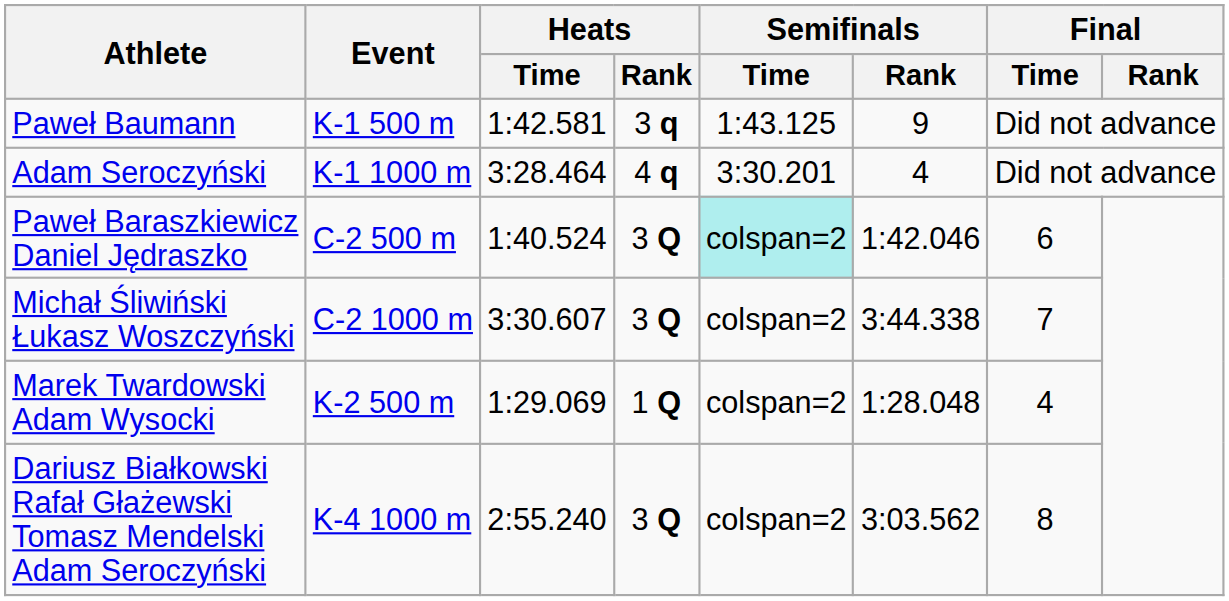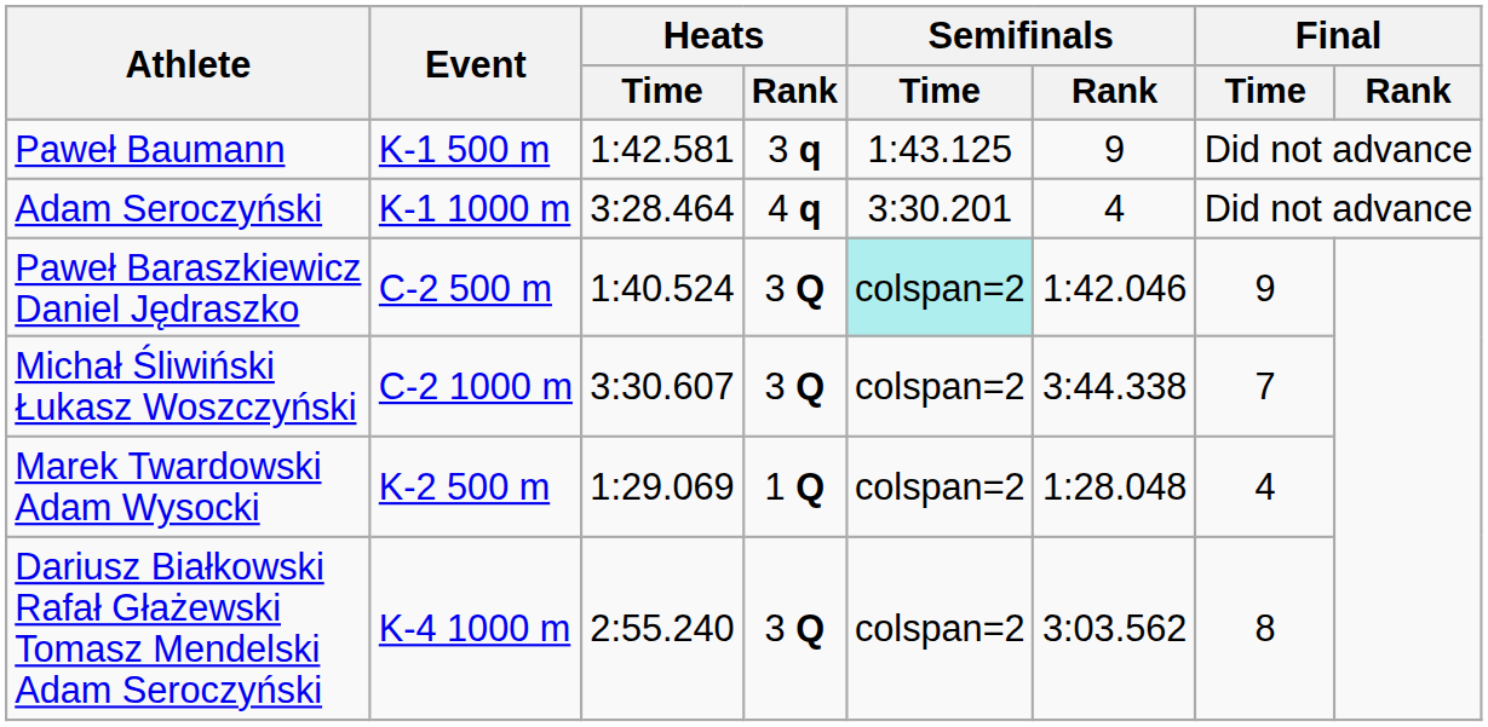 <table class="wikitable" style="font-size:90%">
 <tr>
 <th rowspan=2>Athlete</th>
 <th rowspan=2>Event</th>
 <th colspan=2>Heats</th>
 <th colspan=2>Semifinals</th>
 <th colspan=2>Final</th>
 </tr>
 <tr style="font-size:95%">
 <th>Time</th>
 <th>Rank</th>
 <th>Time</th>
 <th>Rank</th>
 <th>Time</th>
 <th>Rank</th>
 </tr>
 <tr align=center>
 <td align=left><a href='#'>Paweł Baumann</a></td>
 <td align=left><a href='#'>K-1 500 m</a></td>
 <td>1:42.581</td>
 <td>3 <strong>q</strong></td>
 <td>1:43.125</td>
 <td>9</td>
 <td colspan=2>Did not advance</td>
 </tr>
 <tr align=center>
 <td align=left><a href='#'>Adam Seroczyński</a></td>
 <td align=left><a href='#'>K-1 1000 m</a></td>
 <td>3:28.464</td>
 <td>4 <strong>q</strong></td>
 <td>3:30.201</td>
 <td>4</td>
 <td colspan=2>Did not advance</td>
 </tr>
 <tr align=center>
 <td align=left><a href='#'>Paweł Baraszkiewicz</a><br><a href='#'>Daniel Jędraszko</a></td>
 <td align=left><a href='#'>C-2 500 m</a></td>
 <td>1:40.524</td>
 <td>3 <strong>Q</strong></td>
 <td style="background: paleturquoise;">colspan=2 </td>
 <td>1:42.046</td>
-<td>6</td>
+<td>9</td>
 </tr>
 <tr align=center>
 <td align=left><a href='#'>Michał Śliwiński</a><br><a href='#'>Łukasz Woszczyński</a></td>
 <td align=left><a href='#'>C-2 1000 m</a></td>
 <td>3:30.607</td>
 <td>3 <strong>Q</strong></td>
 <td>colspan=2 </td>
 <td>3:44.338</td>
 <td>7</td>
 </tr>
 <tr align=center>
 <td align=left><a href='#'>Marek Twardowski</a><br><a href='#'>Adam Wysocki</a></td>
 <td align=left><a href='#'>K-2 500 m</a></td>
 <td>1:29.069</td>
 <td>1 <strong>Q</strong></td>
 <td>colspan=2 </td>
 <td>1:28.048</td>
 <td>4</td>
 </tr>
 <tr align=center>
 <td align=left><a href='#'>Dariusz Białkowski</a><br><a href='#'>Rafał Głażewski</a><br><a href='#'>Tomasz Mendelski</a><br><a href='#'>Adam Seroczyński</a></td>
 <td align=left><a href='#'>K-4 1000 m</a></td>
 <td>2:55.240</td>
 <td>3 <strong>Q</strong></td>
 <td>colspan=2 </td>
 <td>3:03.562</td>
 <td>8</td>
 </tr>
 </table>
